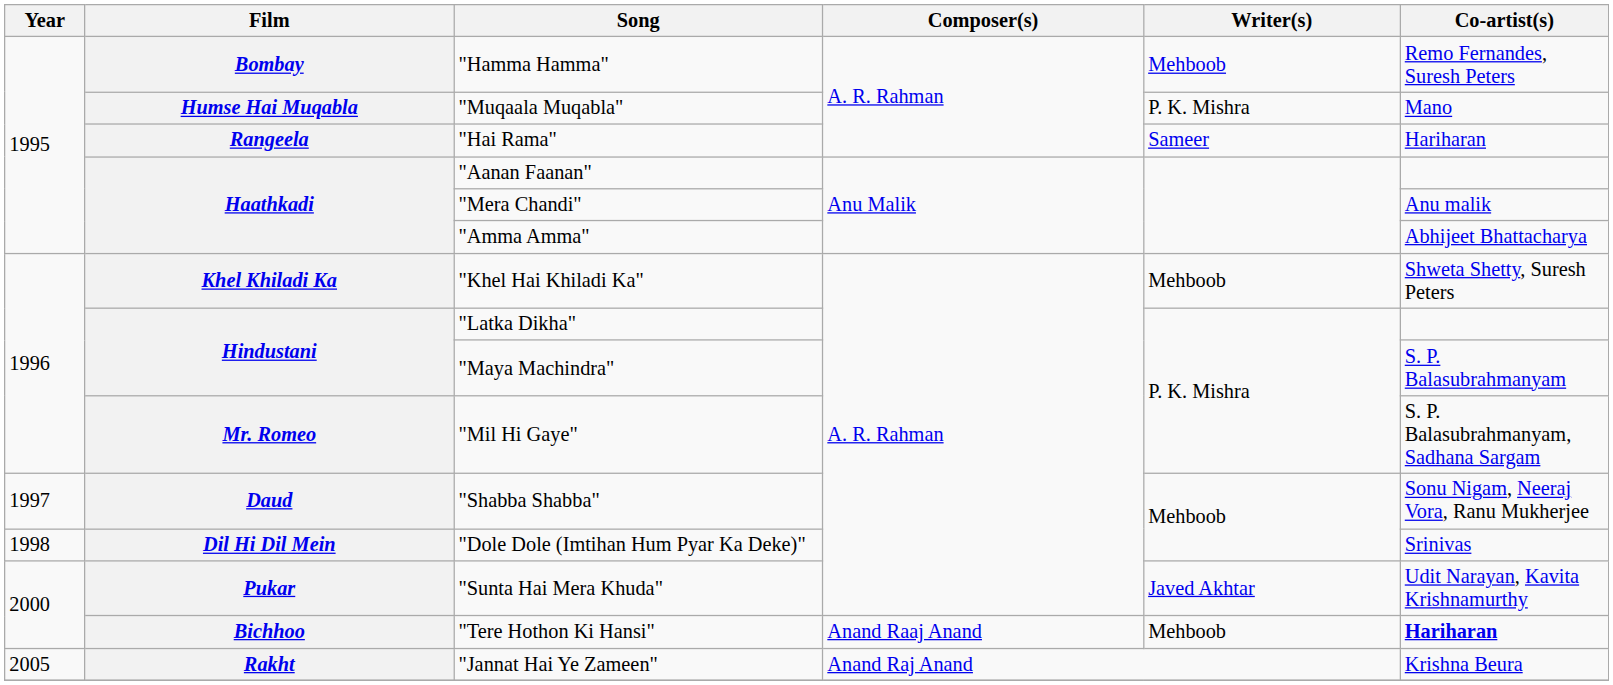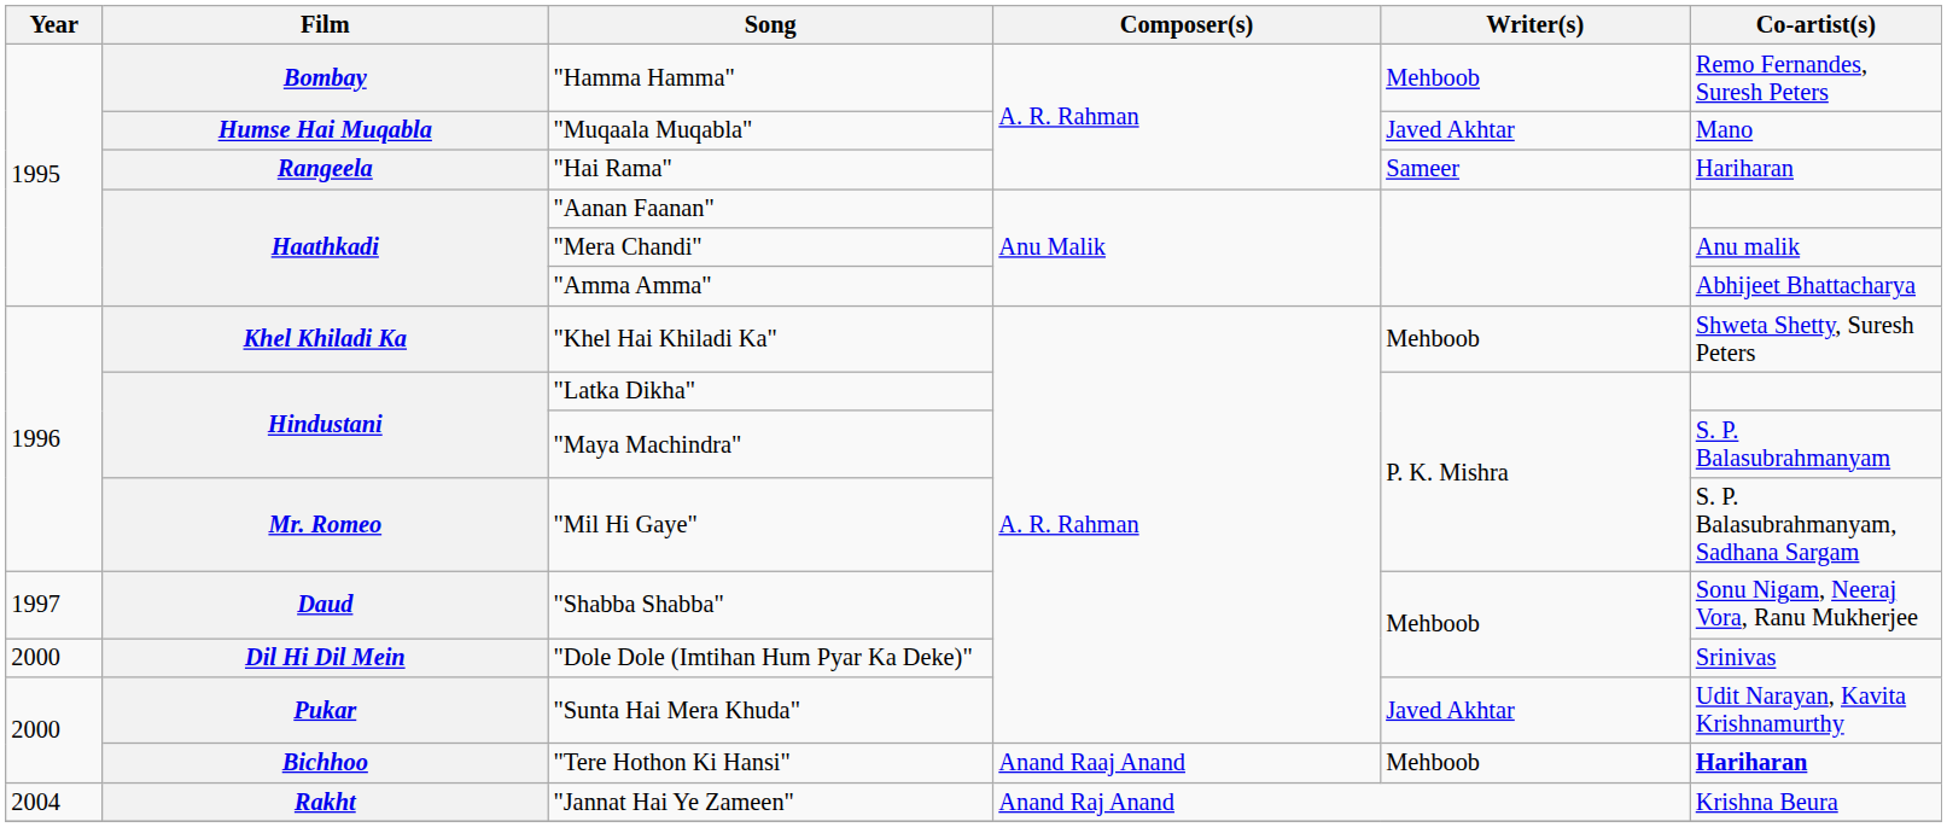 <table class="wikitable plainrowheaders" width="100%" textcolor:#000;">
 <tr style="background:#b0e0e66;">
 <th scope="col" width=5%>Year</th>
 <th scope="col" width=23%>Film</th>
 <th scope="col" width=23%>Song</th>
 <th scope="col" width=20%>Composer(s)</th>
 <th scope="col" width=16%>Writer(s)</th>
 <th scope="col" width=18%>Co-artist(s)</th>
 </tr>
 <tr>
 <td rowspan="6">1995</td>
 <th><em><a href='#'>Bombay</a></em></th>
 <td>"Hamma Hamma"</td>
 <td rowspan="3"><a href='#'>A. R. Rahman</a></td>
 <td><a href='#'>Mehboob</a></td>
 <td><a href='#'>Remo Fernandes</a>, <a href='#'>Suresh Peters</a></td>
 </tr>
 <tr>
 <th><em><a href='#'>Humse Hai Muqabla</a></em></th>
 <td>"Muqaala Muqabla"</td>
-<td>P. K. Mishra</td>
+<td><a href='#'>Javed Akhtar</a></td>
 <td><a href='#'>Mano</a></td>
 </tr>
 <tr>
 <th><em><a href='#'>Rangeela</a></em></th>
 <td>"Hai Rama"</td>
 <td><a href='#'>Sameer</a></td>
 <td><a href='#'>Hariharan</a></td>
 </tr>
 <tr>
 <th rowspan="3"><a href='#'><em>Haathkadi</em></a></th>
 <td>"Aanan Faanan"</td>
 <td rowspan="3"><a href='#'>Anu Malik</a></td>
 <td rowspan="3"></td>
 <td></td>
 </tr>
 <tr>
 <td>"Mera Chandi"</td>
 <td><a href='#'>Anu malik</a></td>
 </tr>
 <tr>
 <td>"Amma Amma"</td>
 <td><a href='#'>Abhijeet Bhattacharya</a></td>
 </tr>
 <tr>
 <td rowspan="4">1996</td>
 <th><em><a href='#'>Khel Khiladi Ka</a></em></th>
 <td>"Khel Hai Khiladi Ka"</td>
 <td rowspan="7"><a href='#'>A. R. Rahman</a></td>
 <td>Mehboob</td>
 <td><a href='#'>Shweta Shetty</a>, Suresh Peters</td>
 </tr>
 <tr>
 <th rowspan="2"><em><a href='#'><strong>Hindustani</strong></a></em></th>
 <td>"Latka Dikha"</td>
 <td rowspan="3">P. K. Mishra</td>
 <td></td>
 </tr>
 <tr>
 <td>"Maya Machindra"</td>
 <td><a href='#'>S. P. Balasubrahmanyam</a></td>
 </tr>
 <tr>
 <th><em><a href='#'>Mr. Romeo</a></em></th>
 <td>"Mil Hi Gaye"</td>
 <td>S. P. Balasubrahmanyam, <a href='#'>Sadhana Sargam</a></td>
 </tr>
 <tr>
 <td>1997</td>
 <th><em><a href='#'>Daud</a></em></th>
 <td>"Shabba Shabba"</td>
 <td rowspan="2">Mehboob</td>
 <td><a href='#'>Sonu Nigam</a>, <a href='#'>Neeraj Vora</a>, Ranu Mukherjee</td>
 </tr>
 <tr>
-<td>1998</td>
+<td>2000</td>
 <th><em><a href='#'>Dil Hi Dil Mein</a></em></th>
 <td>"Dole Dole (Imtihan Hum Pyar Ka Deke)"</td>
 <td><a href='#'>Srinivas</a></td>
 </tr>
 <tr>
 <td rowspan="2">2000</td>
 <th><em><a href='#'>Pukar</a></em></th>
 <td>"Sunta Hai Mera Khuda"</td>
 <td><a href='#'>Javed Akhtar</a></td>
 <td><a href='#'>Udit Narayan</a>, <a href='#'>Kavita Krishnamurthy</a></td>
 </tr>
 <tr>
 <th><em><a href='#'>Bichhoo</a></em></th>
 <td>"Tere Hothon Ki Hansi"</td>
 <td><a href='#'>Anand Raaj Anand</a></td>
 <td>Mehboob</td>
 <td><strong><a href='#'>Hariharan</a></strong></td>
 </tr>
 <tr>
-<td>2005</td>
+<td>2004</td>
 <th><em><a href='#'>Rakht</a></em></th>
 <td>"Jannat Hai Ye Zameen"</td>
 <td colspan="2"><a href='#'>Anand Raj Anand</a></td>
 <td><a href='#'>Krishna Beura</a></td>
 </tr>
 <tr>
 </tr>
 </table>
